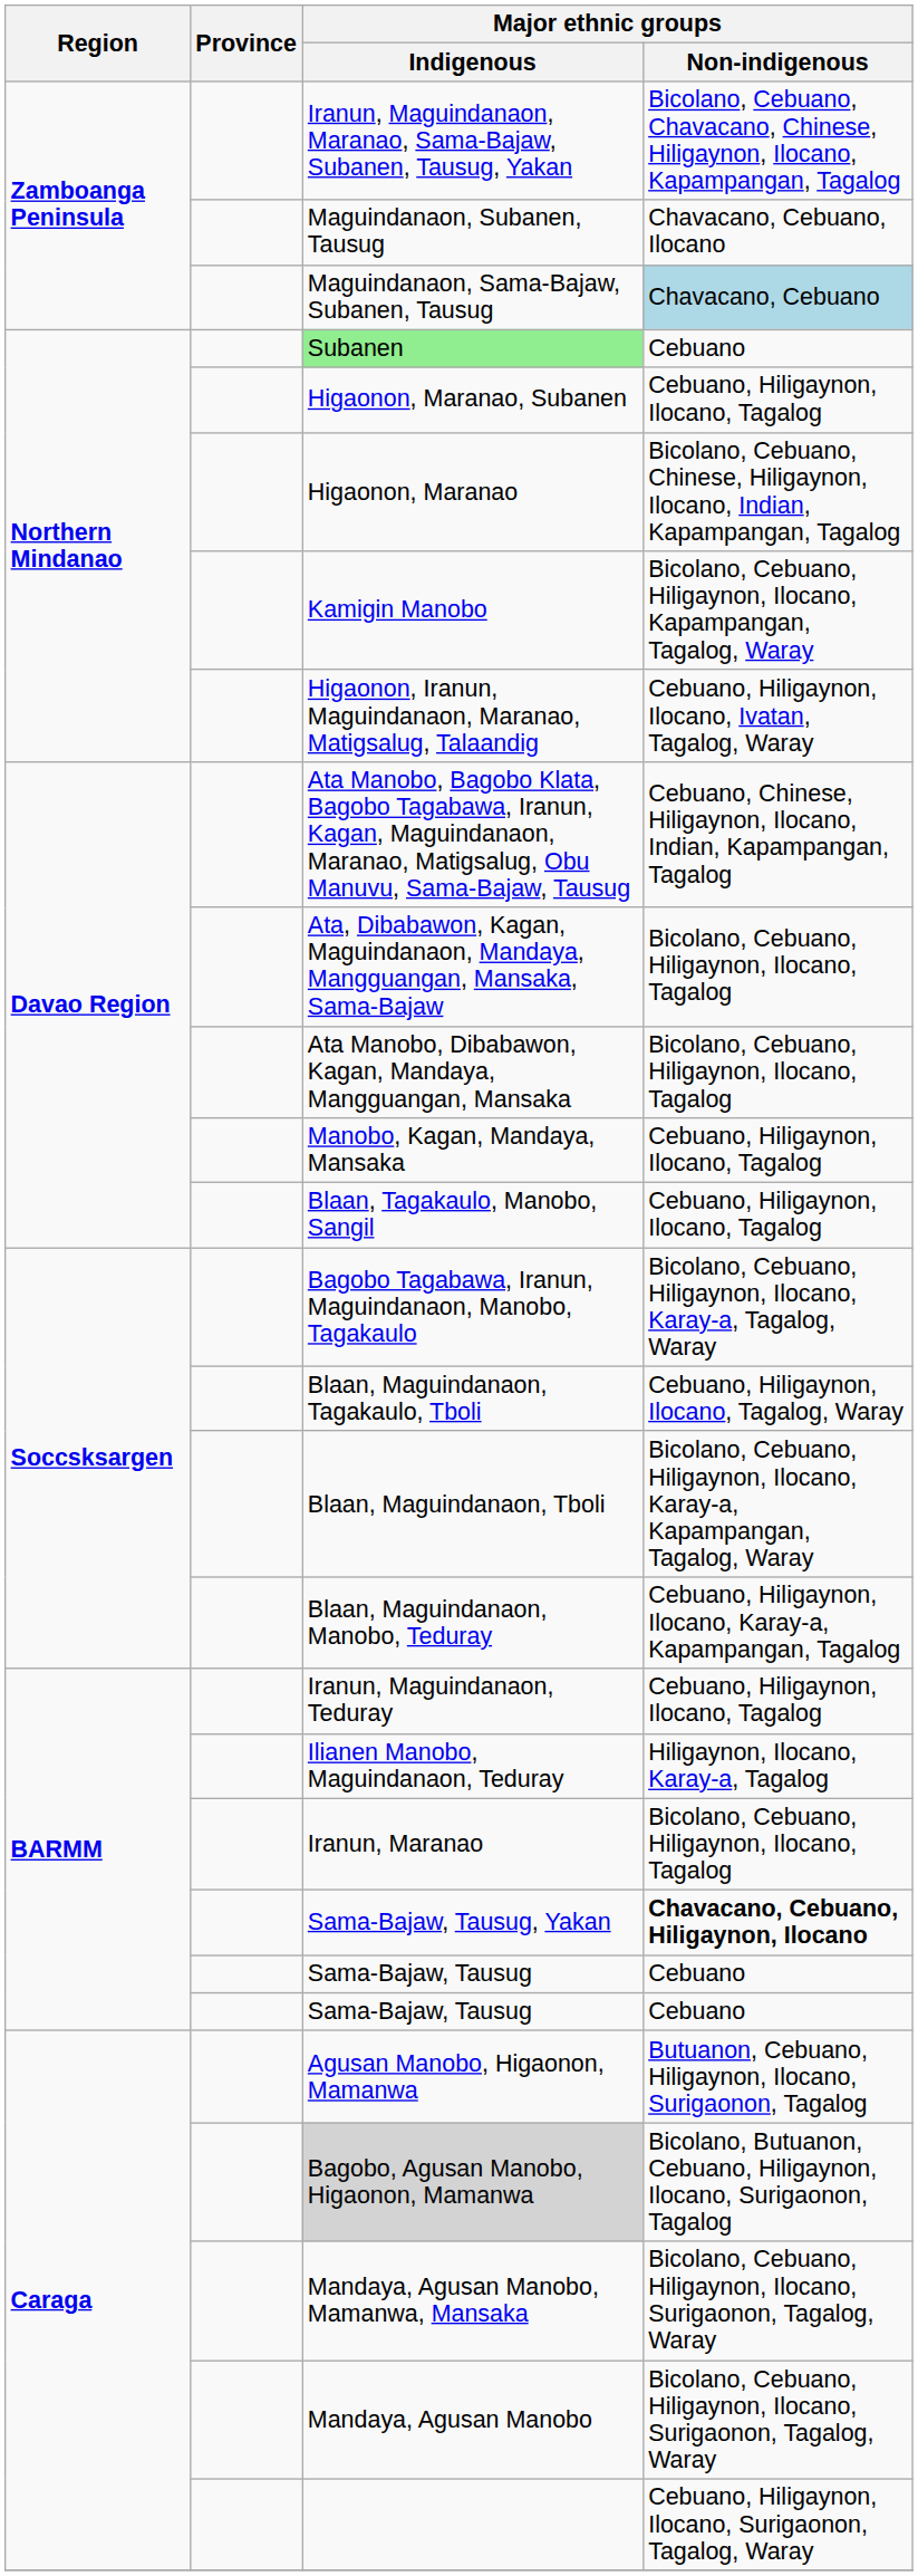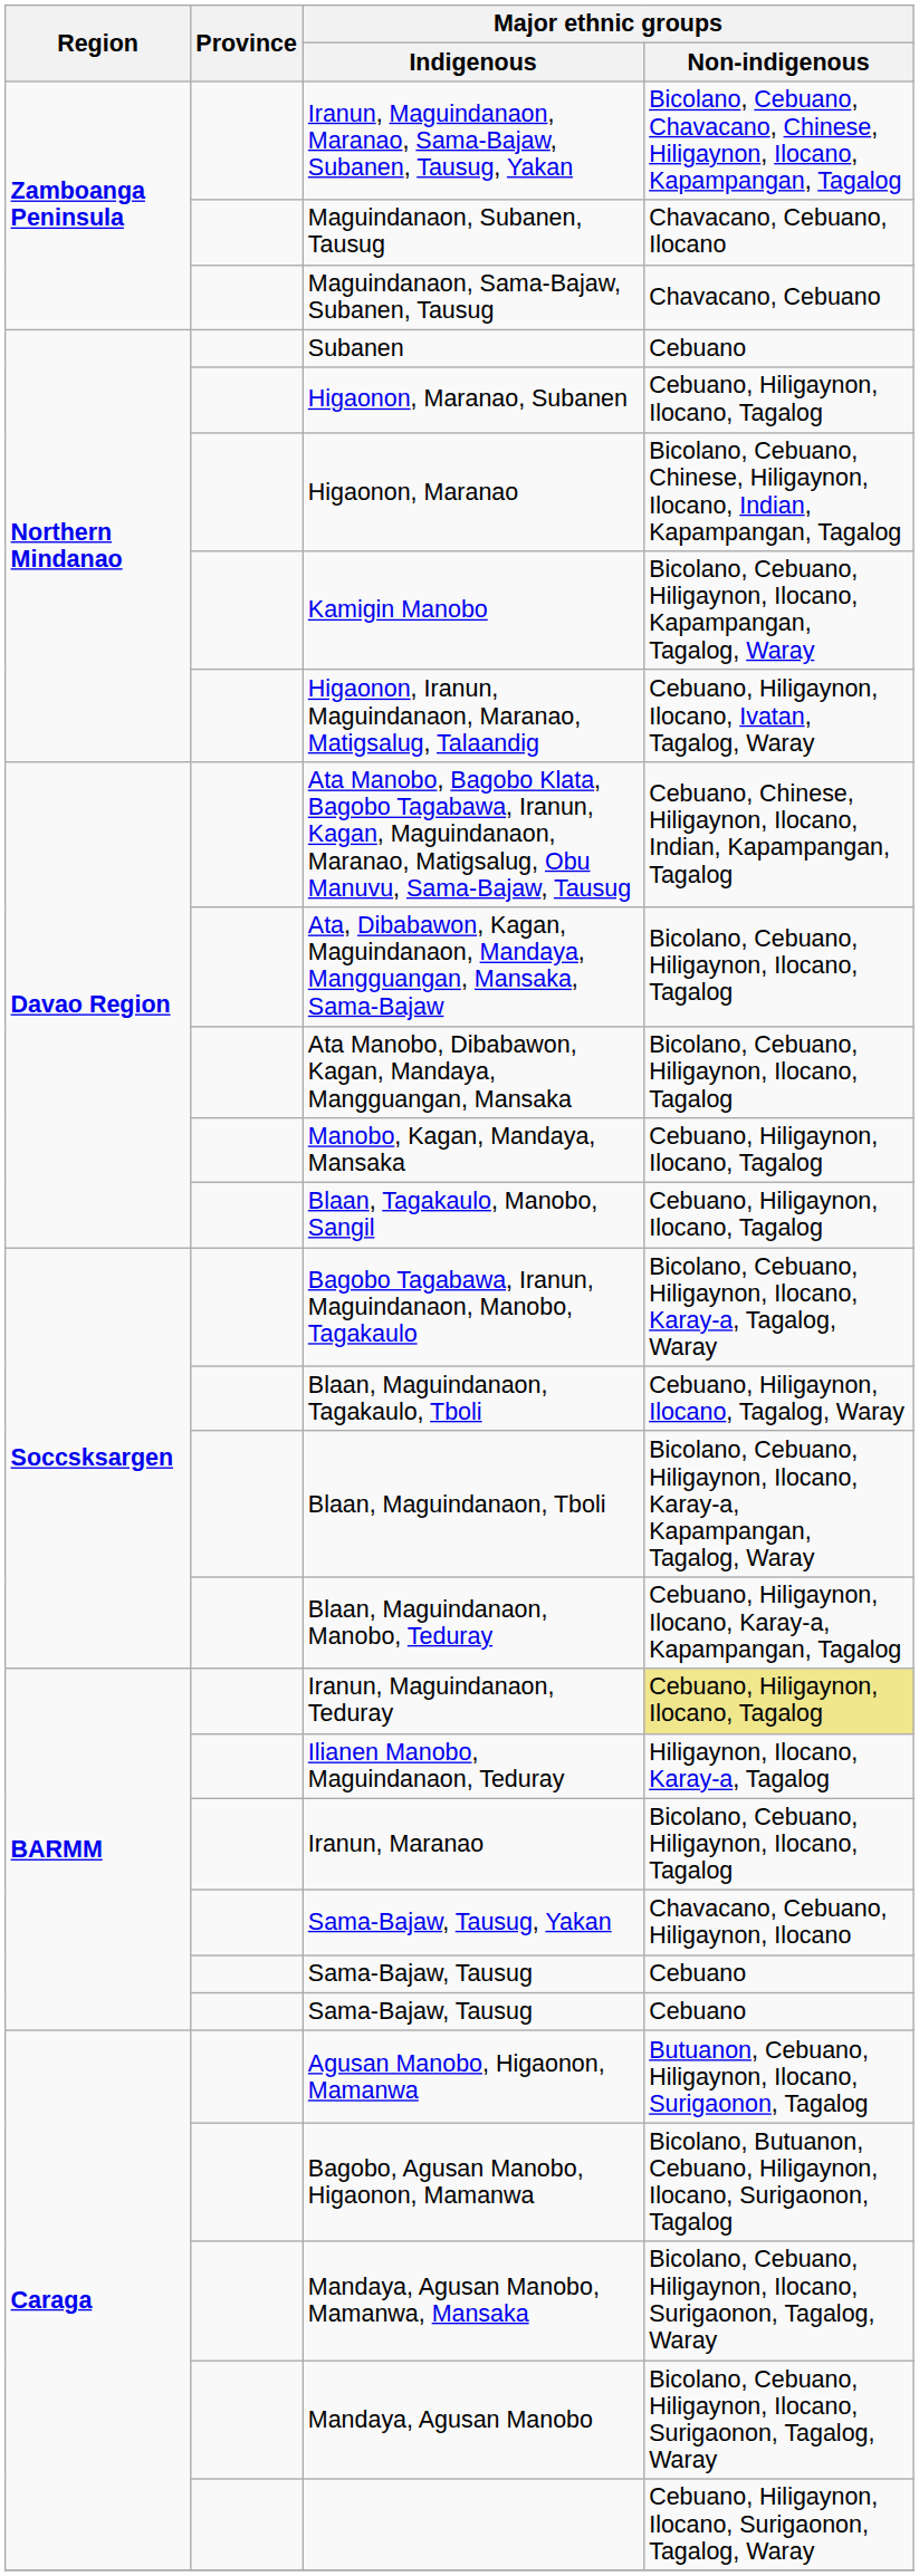 <table class="wikitable">
 <tr>
 <th rowspan="2">Region</th>
 <th rowspan="2">Province</th>
 <th colspan="2">Major ethnic groups</th>
 </tr>
 <tr>
 <th><strong>Indigenous</strong></th>
 <th><strong>Non-indigenous</strong></th>
 </tr>
 <tr>
 <td rowspan="3"><strong><a href='#'>Zamboanga Peninsula</a></strong></td>
 <td></td>
 <td><a href='#'>Iranun</a>, <a href='#'>Maguindanaon</a>, <a href='#'>Maranao</a>, <a href='#'>Sama-Bajaw</a>, <a href='#'>Subanen</a>, <a href='#'>Tausug</a>, <a href='#'>Yakan</a></td>
 <td><a href='#'>Bicolano</a>, <a href='#'>Cebuano</a>,  <a href='#'>Chavacano</a>, <a href='#'>Chinese</a>, <a href='#'>Hiligaynon</a>, <a href='#'>Ilocano</a>, <a href='#'>Kapampangan</a>, <a href='#'>Tagalog</a></td>
 </tr>
 <tr>
 <td></td>
 <td>Maguindanaon, Subanen, Tausug</td>
 <td>Chavacano, Cebuano, Ilocano</td>
 </tr>
 <tr>
 <td></td>
 <td>Maguindanaon, Sama-Bajaw, Subanen, Tausug</td>
-<td style="background: lightblue;">Chavacano, Cebuano</td>
+<td>Chavacano, Cebuano</td>
 </tr>
 <tr>
 <td rowspan="5"><strong><a href='#'>Northern Mindanao</a></strong></td>
 <td></td>
-<td style="background: lightgreen;">Subanen</td>
+<td>Subanen</td>
 <td>Cebuano</td>
 </tr>
 <tr>
 <td></td>
 <td><a href='#'>Higaonon</a>, Maranao, Subanen</td>
 <td>Cebuano, Hiligaynon, Ilocano, Tagalog</td>
 </tr>
 <tr>
 <td></td>
 <td>Higaonon, Maranao</td>
 <td>Bicolano, Cebuano, Chinese, Hiligaynon, Ilocano, <a href='#'>Indian</a>, Kapampangan, Tagalog</td>
 </tr>
 <tr>
 <td></td>
 <td><a href='#'>Kamigin Manobo</a></td>
 <td>Bicolano, Cebuano, Hiligaynon, Ilocano, Kapampangan, Tagalog, <a href='#'>Waray</a></td>
 </tr>
 <tr>
 <td></td>
 <td><a href='#'>Higaonon</a>, Iranun, Maguindanaon, Maranao, <a href='#'>Matigsalug</a>, <a href='#'>Talaandig</a></td>
 <td>Cebuano, Hiligaynon, Ilocano, <a href='#'>Ivatan</a>, Tagalog, Waray</td>
 </tr>
 <tr>
 <td rowspan="5"><strong><a href='#'>Davao Region</a></strong></td>
 <td></td>
 <td><a href='#'>Ata Manobo</a>, <a href='#'>Bagobo Klata</a>, <a href='#'>Bagobo Tagabawa</a>, Iranun, <a href='#'>Kagan</a>, Maguindanaon, Maranao, Matigsalug, <a href='#'>Obu Manuvu</a>, <a href='#'>Sama-Bajaw</a>, <a href='#'>Tausug</a></td>
 <td>Cebuano, Chinese, Hiligaynon, Ilocano, Indian, Kapampangan, Tagalog</td>
 </tr>
 <tr>
 <td></td>
 <td><a href='#'>Ata</a>, <a href='#'>Dibabawon</a>, Kagan, Maguindanaon, <a href='#'>Mandaya</a>, <a href='#'>Mangguangan</a>, <a href='#'>Mansaka</a>, <a href='#'>Sama-Bajaw</a></td>
 <td>Bicolano, Cebuano, Hiligaynon, Ilocano, Tagalog</td>
 </tr>
 <tr>
 <td></td>
 <td>Ata Manobo, Dibabawon, Kagan, Mandaya, Mangguangan, Mansaka</td>
 <td>Bicolano, Cebuano, Hiligaynon, Ilocano, Tagalog</td>
 </tr>
 <tr>
 <td></td>
 <td><a href='#'>Manobo</a>, Kagan, Mandaya, Mansaka</td>
 <td>Cebuano, Hiligaynon, Ilocano, Tagalog</td>
 </tr>
 <tr>
 <td></td>
 <td><a href='#'>Blaan</a>, <a href='#'>Tagakaulo</a>, Manobo, <a href='#'>Sangil</a></td>
 <td>Cebuano, Hiligaynon, Ilocano, Tagalog</td>
 </tr>
 <tr>
 <td rowspan="4"><strong><a href='#'>Soccsksargen</a></strong></td>
 <td></td>
 <td><a href='#'>Bagobo Tagabawa</a>, Iranun, Maguindanaon, Manobo, <a href='#'>Tagakaulo</a></td>
 <td>Bicolano, Cebuano, Hiligaynon, Ilocano, <a href='#'>Karay-a</a>, Tagalog, Waray</td>
 </tr>
 <tr>
 <td></td>
 <td>Blaan, Maguindanaon, Tagakaulo, <a href='#'>Tboli</a></td>
 <td>Cebuano, Hiligaynon, <a href='#'>Ilocano</a>, Tagalog, Waray</td>
 </tr>
 <tr>
 <td></td>
 <td>Blaan, Maguindanaon, Tboli</td>
 <td>Bicolano, Cebuano, Hiligaynon, Ilocano, Karay-a, Kapampangan, Tagalog, Waray</td>
 </tr>
 <tr>
 <td></td>
 <td>Blaan, Maguindanaon, Manobo, <a href='#'>Teduray</a></td>
 <td>Cebuano, Hiligaynon, Ilocano, Karay-a, Kapampangan, Tagalog</td>
 </tr>
 <tr>
 <td rowspan="6"><strong><a href='#'>BARMM</a></strong></td>
 <td></td>
 <td>Iranun, Maguindanaon, Teduray</td>
-<td>Cebuano, Hiligaynon, Ilocano, Tagalog</td>
+<td style="background: khaki;">Cebuano, Hiligaynon, Ilocano, Tagalog</td>
 </tr>
 <tr>
 <td></td>
 <td><a href='#'>Ilianen Manobo</a>, Maguindanaon, Teduray</td>
 <td>Hiligaynon, Ilocano, <a href='#'>Karay-a</a>, Tagalog</td>
 </tr>
 <tr>
 <td></td>
 <td>Iranun, Maranao</td>
 <td>Bicolano, Cebuano, Hiligaynon, Ilocano, Tagalog</td>
 </tr>
 <tr>
 <td></td>
 <td><a href='#'>Sama-Bajaw</a>, <a href='#'>Tausug</a>, <a href='#'>Yakan</a></td>
-<td><strong>Chavacano, Cebuano, Hiligaynon, Ilocano</strong></td>
+<td>Chavacano, Cebuano, Hiligaynon, Ilocano</td>
 </tr>
 <tr>
 <td></td>
 <td>Sama-Bajaw, Tausug</td>
 <td>Cebuano</td>
 </tr>
 <tr>
 <td></td>
 <td>Sama-Bajaw, Tausug</td>
 <td>Cebuano</td>
 </tr>
 <tr>
 <td rowspan="5"><strong><a href='#'>Caraga</a></strong></td>
 <td></td>
 <td><a href='#'>Agusan Manobo</a>, Higaonon, <a href='#'>Mamanwa</a></td>
 <td><a href='#'>Butuanon</a>, Cebuano, Hiligaynon, Ilocano, <a href='#'>Surigaonon</a>, Tagalog</td>
 </tr>
 <tr>
 <td></td>
-<td style="background: lightgrey;">Bagobo, Agusan Manobo, Higaonon, Mamanwa</td>
+<td>Bagobo, Agusan Manobo, Higaonon, Mamanwa</td>
 <td>Bicolano, Butuanon, Cebuano, Hiligaynon, Ilocano, Surigaonon, Tagalog</td>
 </tr>
 <tr>
 <td></td>
 <td>Mandaya, Agusan Manobo, Mamanwa, <a href='#'>Mansaka</a></td>
 <td>Bicolano, Cebuano, Hiligaynon, Ilocano, Surigaonon, Tagalog, Waray</td>
 </tr>
 <tr>
 <td></td>
 <td>Mandaya, Agusan Manobo</td>
 <td>Bicolano, Cebuano, Hiligaynon, Ilocano, Surigaonon, Tagalog, Waray</td>
 </tr>
 <tr>
 <td></td>
 <td></td>
 <td>Cebuano, Hiligaynon, Ilocano, Surigaonon, Tagalog, Waray</td>
 </tr>
 <tr>
 </tr>
 </table>
